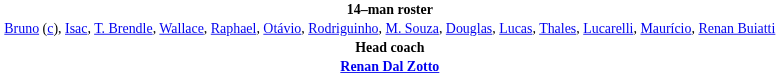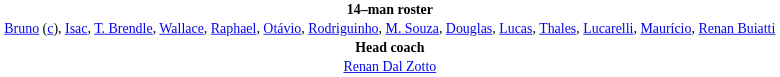 <table style="text-align:center; margin-top:2em; margin-left:auto; margin-right:auto">
 <tr>
 <td><strong>14–man roster</strong></td>
 </tr>
 <tr>
 <td><a href='#'>Bruno</a> (<a href='#'>c</a>), <a href='#'>Isac</a>, <a href='#'>T. Brendle</a>, <a href='#'>Wallace</a>, <a href='#'>Raphael</a>, <a href='#'>Otávio</a>, <a href='#'>Rodriguinho</a>, <a href='#'>M. Souza</a>, <a href='#'>Douglas</a>, <a href='#'>Lucas</a>, <a href='#'>Thales</a>, <a href='#'>Lucarelli</a>, <a href='#'>Maurício</a>, <a href='#'>Renan Buiatti</a></td>
 </tr>
 <tr>
 <td><strong>Head coach</strong></td>
 </tr>
 <tr>
-<td><strong><a href='#'>Renan Dal Zotto</a></strong></td>
+<td><a href='#'>Renan Dal Zotto</a></td>
 </tr>
 </table>
